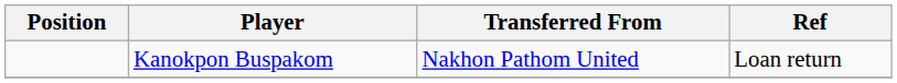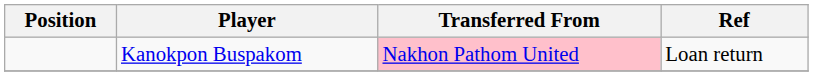 <table class="wikitable sortable" style="width:70%; text-align:center; font-size:100%; text-align:left;">
 <tr>
 <th>Position</th>
 <th>Player</th>
 <th>Transferred From</th>
 <th>Ref</th>
 </tr>
 <tr>
 <td></td>
 <td> <a href='#'>Kanokpon Buspakom</a></td>
-<td> <a href='#'>Nakhon Pathom United</a></td>
+<td style="background: pink;"> <a href='#'>Nakhon Pathom United</a></td>
 <td>Loan return</td>
 </tr>
 <tr>
 </tr>
 </table>
